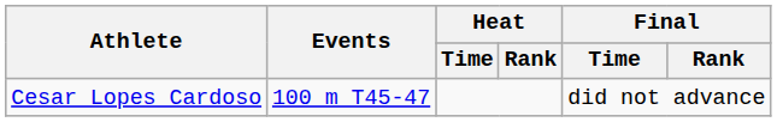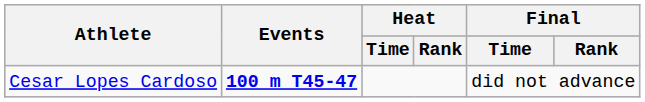 <table class=wikitable style="font-size:90%">
 <tr>
 <th rowspan="2">Athlete</th>
 <th rowspan="2">Events</th>
 <th colspan="2">Heat</th>
 <th colspan="2">Final</th>
 </tr>
 <tr>
 <th>Time</th>
 <th>Rank</th>
 <th>Time</th>
 <th>Rank</th>
 </tr>
 <tr align=center>
 <td align=left><a href='#'>Cesar Lopes Cardoso</a></td>
-<td align=left><a href='#'>100 m T45-47</a></td>
+<td align=left><strong><a href='#'>100 m T45-47</a></strong></td>
 <td colspan=2></td>
 <td colspan=2>did not advance</td>
 </tr>
 </table>
